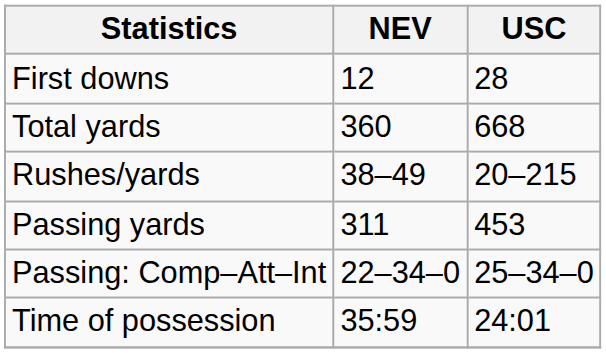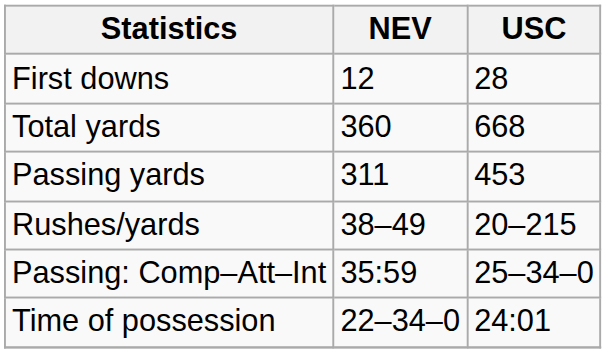 <table class="wikitable" style="float: left;">
 <tr>
 <th>Statistics</th>
 <th>NEV</th>
 <th>USC</th>
 </tr>
 <tr>
 <td>First downs</td>
 <td>12</td>
 <td>28</td>
 </tr>
 <tr>
 <td>Total yards</td>
 <td>360</td>
 <td>668</td>
 </tr>
 <tr>
+<td>Passing yards</td>
+<td>311</td>
+<td>453</td>
+</tr>
+<tr>
 <td>Rushes/yards</td>
 <td>38–49</td>
 <td>20–215</td>
 </tr>
 <tr>
-<td>Passing yards</td>
-<td>311</td>
-<td>453</td>
-</tr>
-<tr>
 <td>Passing: Comp–Att–Int</td>
-<td>22–34–0</td>
+<td>35:59</td>
 <td>25–34–0</td>
 </tr>
 <tr>
 <td>Time of possession</td>
-<td>35:59</td>
+<td>22–34–0</td>
 <td>24:01</td>
 </tr>
 <tr>
 </tr>
 </table>
